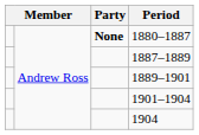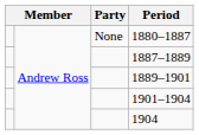 <table class="wikitable">
 <tr>
 <th colspan="2">Member</th>
 <th>Party</th>
 <th>Period</th>
 </tr>
 <tr>
 <td> </td>
 <td rowspan="5"><a href='#'>Andrew Ross</a></td>
-<td><strong>None</strong></td>
+<td>None</td>
 <td>1880–1887</td>
 </tr>
 <tr>
 <td> </td>
 <td></td>
 <td>1887–1889</td>
 </tr>
 <tr>
 <td> </td>
 <td></td>
 <td>1889–1901</td>
 </tr>
 <tr>
 <td> </td>
 <td></td>
 <td>1901–1904</td>
 </tr>
 <tr>
 <td> </td>
 <td></td>
 <td>1904</td>
 </tr>
 </table>
